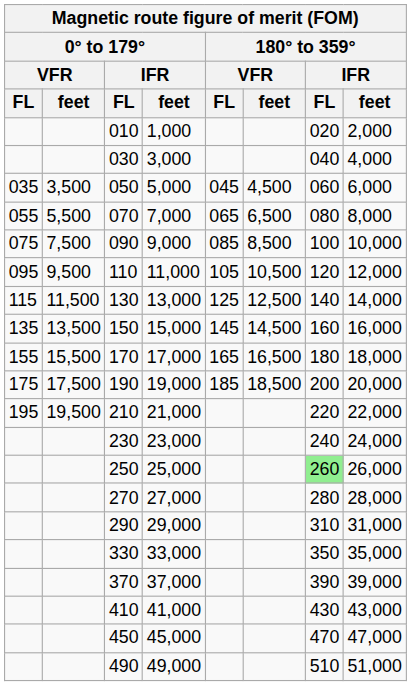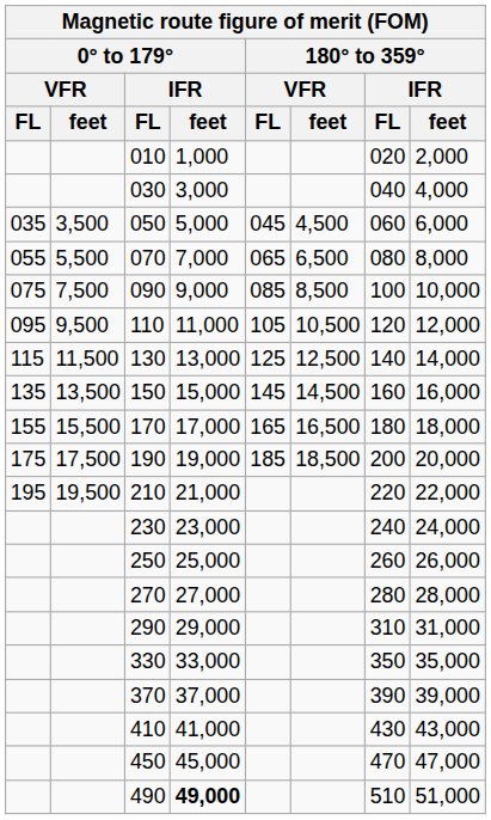 <table class="wikitable" border="1">
 <tr>
 <th colspan="8">Magnetic route figure of merit (FOM)</th>
 </tr>
 <tr>
 <th colspan="4">0° to 179°</th>
 <th colspan="4">180° to 359°</th>
 </tr>
 <tr>
 <th colspan="2">VFR</th>
 <th colspan="2">IFR</th>
 <th colspan="2">VFR</th>
 <th colspan="2">IFR</th>
 </tr>
 <tr>
 <th>FL</th>
 <th>feet</th>
 <th>FL</th>
 <th>feet</th>
 <th>FL</th>
 <th>feet</th>
 <th>FL</th>
 <th>feet</th>
 </tr>
 <tr>
 <td></td>
 <td></td>
 <td>010</td>
 <td>1,000</td>
 <td></td>
 <td></td>
 <td>020</td>
 <td>2,000</td>
 </tr>
 <tr>
 <td></td>
 <td></td>
 <td>030</td>
 <td>3,000</td>
 <td></td>
 <td></td>
 <td>040</td>
 <td>4,000</td>
 </tr>
 <tr>
 <td>035</td>
 <td>3,500</td>
 <td>050</td>
 <td>5,000</td>
 <td>045</td>
 <td>4,500</td>
 <td>060</td>
 <td>6,000</td>
 </tr>
 <tr>
 <td>055</td>
 <td>5,500</td>
 <td>070</td>
 <td>7,000</td>
 <td>065</td>
 <td>6,500</td>
 <td>080</td>
 <td>8,000</td>
 </tr>
 <tr>
 <td>075</td>
 <td>7,500</td>
 <td>090</td>
 <td>9,000</td>
 <td>085</td>
 <td>8,500</td>
 <td>100</td>
 <td>10,000</td>
 </tr>
 <tr>
 <td>095</td>
 <td>9,500</td>
 <td>110</td>
 <td>11,000</td>
 <td>105</td>
 <td>10,500</td>
 <td>120</td>
 <td>12,000</td>
 </tr>
 <tr>
 <td>115</td>
 <td>11,500</td>
 <td>130</td>
 <td>13,000</td>
 <td>125</td>
 <td>12,500</td>
 <td>140</td>
 <td>14,000</td>
 </tr>
 <tr>
 <td>135</td>
 <td>13,500</td>
 <td>150</td>
 <td>15,000</td>
 <td>145</td>
 <td>14,500</td>
 <td>160</td>
 <td>16,000</td>
 </tr>
 <tr>
 <td>155</td>
 <td>15,500</td>
 <td>170</td>
 <td>17,000</td>
 <td>165</td>
 <td>16,500</td>
 <td>180</td>
 <td>18,000</td>
 </tr>
 <tr>
 <td>175</td>
 <td>17,500</td>
 <td>190</td>
 <td>19,000</td>
 <td>185</td>
 <td>18,500</td>
 <td>200</td>
 <td>20,000</td>
 </tr>
 <tr>
 <td>195</td>
 <td>19,500</td>
 <td>210</td>
 <td>21,000</td>
 <td></td>
 <td></td>
 <td>220</td>
 <td>22,000</td>
 </tr>
 <tr>
 <td></td>
 <td></td>
 <td>230</td>
 <td>23,000</td>
 <td></td>
 <td></td>
 <td>240</td>
 <td>24,000</td>
 </tr>
 <tr>
 <td></td>
 <td></td>
 <td>250</td>
 <td>25,000</td>
 <td></td>
 <td></td>
-<td style="background: lightgreen;">260</td>
+<td>260</td>
 <td>26,000</td>
 </tr>
 <tr>
 <td></td>
 <td></td>
 <td>270</td>
 <td>27,000</td>
 <td></td>
 <td></td>
 <td>280</td>
 <td>28,000</td>
 </tr>
 <tr>
 <td></td>
 <td></td>
 <td>290</td>
 <td>29,000</td>
 <td></td>
 <td></td>
 <td>310</td>
 <td>31,000</td>
 </tr>
 <tr>
 <td></td>
 <td></td>
 <td>330</td>
 <td>33,000</td>
 <td></td>
 <td></td>
 <td>350</td>
 <td>35,000</td>
 </tr>
 <tr>
 <td></td>
 <td></td>
 <td>370</td>
 <td>37,000</td>
 <td></td>
 <td></td>
 <td>390</td>
 <td>39,000</td>
 </tr>
 <tr>
 <td></td>
 <td></td>
 <td>410</td>
 <td>41,000</td>
 <td></td>
 <td></td>
 <td>430</td>
 <td>43,000</td>
 </tr>
 <tr>
 <td></td>
 <td></td>
 <td>450</td>
 <td>45,000</td>
 <td></td>
 <td></td>
 <td>470</td>
 <td>47,000</td>
 </tr>
 <tr>
 <td></td>
 <td></td>
 <td>490</td>
-<td>49,000</td>
+<td><strong>49,000</strong></td>
 <td></td>
 <td></td>
 <td>510</td>
 <td>51,000</td>
 </tr>
 </table>
